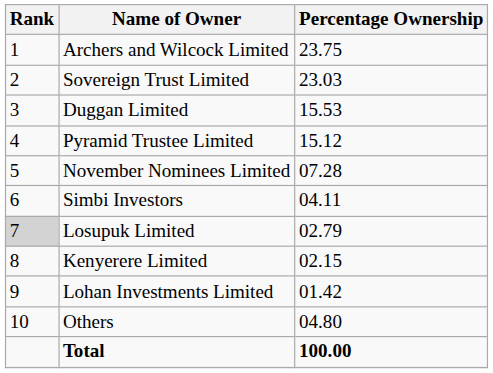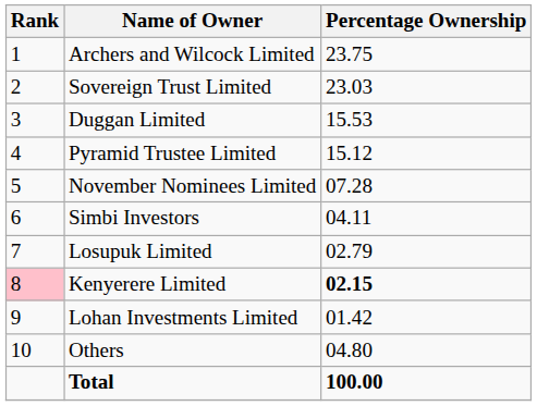 <table class="wikitable sortable" style="margin-left:auto;margin-right:auto">
 <tr>
 <th style="width:2em;">Rank</th>
 <th>Name of Owner</th>
 <th>Percentage Ownership</th>
 </tr>
 <tr>
 <td>1</td>
 <td>Archers and Wilcock Limited</td>
 <td>23.75</td>
 </tr>
 <tr>
 <td>2</td>
 <td>Sovereign Trust Limited</td>
 <td>23.03</td>
 </tr>
 <tr>
 <td>3</td>
 <td>Duggan Limited</td>
 <td>15.53</td>
 </tr>
 <tr>
 <td>4</td>
 <td>Pyramid Trustee Limited</td>
 <td>15.12</td>
 </tr>
 <tr>
 <td>5</td>
 <td>November Nominees Limited</td>
 <td>07.28</td>
 </tr>
 <tr>
 <td>6</td>
 <td>Simbi Investors</td>
 <td>04.11</td>
 </tr>
 <tr>
-<td style="background: lightgrey;">7</td>
+<td>7</td>
 <td>Losupuk Limited</td>
 <td>02.79</td>
 </tr>
 <tr>
-<td>8</td>
+<td style="background: pink;">8</td>
 <td>Kenyerere Limited</td>
-<td>02.15</td>
+<td><strong>02.15</strong></td>
 </tr>
 <tr>
 <td>9</td>
 <td>Lohan Investments Limited</td>
 <td>01.42</td>
 </tr>
 <tr>
 <td>10</td>
 <td>Others</td>
 <td>04.80</td>
 </tr>
 <tr>
 <td></td>
 <td><strong>Total</strong></td>
 <td><strong>100.00</strong></td>
 </tr>
 <tr>
 </tr>
 </table>
